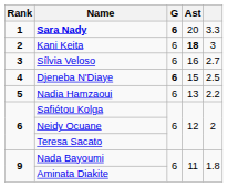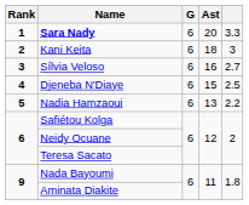 <table class="wikitable" style="text-align:center; font-size:90%;">
 <tr>
 <th width=10px>Rank</th>
 <th width=180px>Name</th>
 <th width=15px>G</th>
 <th width=10px>Ast</th>
 <th width=10px></th>
 </tr>
 <tr>
 <td><strong>1</strong></td>
 <td align=left> <strong><a href='#'>Sara Nady</a></strong></td>
-<td><strong>6</strong></td>
+<td>6</td>
 <td>20</td>
 <td>3.3</td>
 </tr>
 <tr>
 <td><strong>2</strong></td>
 <td align=left> <a href='#'>Kani Keita</a></td>
 <td>6</td>
-<td><strong>18</strong></td>
+<td>18</td>
 <td>3</td>
 </tr>
 <tr>
 <td><strong>3</strong></td>
 <td align=left> <a href='#'>Sílvia Veloso</a></td>
 <td>6</td>
 <td>16</td>
 <td>2.7</td>
 </tr>
 <tr>
 <td><strong>4</strong></td>
 <td align=left> <a href='#'>Djeneba N'Diaye</a></td>
-<td><strong>6</strong></td>
+<td>6</td>
 <td>15</td>
 <td>2.5</td>
 </tr>
 <tr>
 <td><strong>5</strong></td>
 <td align=left> <a href='#'>Nadia Hamzaoui</a></td>
 <td>6</td>
 <td>13</td>
 <td>2.2</td>
 </tr>
 <tr>
 <td rowspan=3><strong>6</strong></td>
 <td align=left> <a href='#'>Safiétou Kolga</a></td>
 <td rowspan=3>6</td>
 <td rowspan=3>12</td>
 <td rowspan=3>2</td>
 </tr>
 <tr>
 <td align=left> <a href='#'>Neidy Ocuane</a></td>
 </tr>
 <tr>
 <td align=left> <a href='#'>Teresa Sacato</a></td>
 </tr>
 <tr>
 <td rowspan=2><strong>9</strong></td>
 <td align=left> <a href='#'>Nada Bayoumi</a></td>
 <td rowspan=2>6</td>
 <td rowspan=2>11</td>
 <td rowspan=2>1.8</td>
 </tr>
 <tr>
 <td align=left> <a href='#'>Aminata Diakite</a></td>
 </tr>
 </table>
